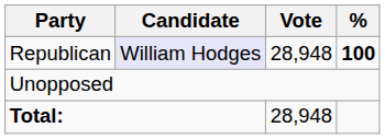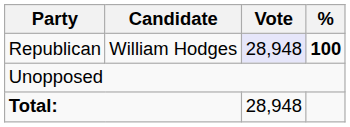 <table class="wikitable">
 <tr>
 <th>Party</th>
 <th>Candidate</th>
 <th>Vote</th>
 <th>%</th>
 </tr>
 <tr>
 <td>Republican</td>
-<td style="background: lavender;">William Hodges</td>
-<td>28,948</td>
+<td>William Hodges</td>
+<td style="background: lavender;">28,948</td>
 <td><strong>100</strong></td>
 </tr>
 <tr>
 <td colspan="4">Unopposed</td>
 </tr>
 <tr>
 <td colspan="2"><strong>Total:</strong></td>
 <td>28,948</td>
 <td></td>
 </tr>
 </table>
